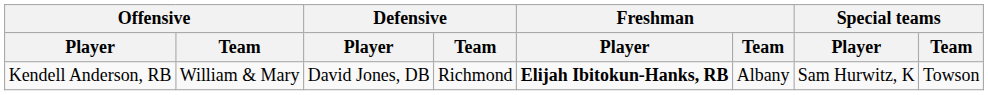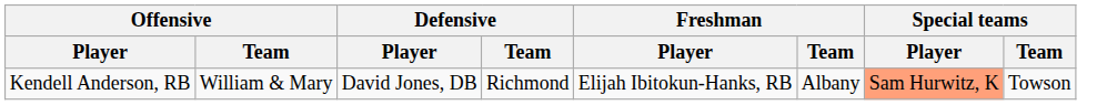 <table class="wikitable" border="1">
 <tr>
 <th colspan="2">Offensive</th>
 <th colspan="2">Defensive</th>
 <th colspan="2">Freshman</th>
 <th colspan="2">Special teams</th>
 </tr>
 <tr>
 <th>Player</th>
 <th>Team</th>
 <th>Player</th>
 <th>Team</th>
 <th>Player</th>
 <th>Team</th>
 <th>Player</th>
 <th>Team</th>
 </tr>
 <tr>
 <td>Kendell Anderson, RB</td>
 <td>William & Mary</td>
 <td>David Jones, DB</td>
 <td>Richmond</td>
-<td><strong>Elijah Ibitokun-Hanks, RB</strong></td>
+<td>Elijah Ibitokun-Hanks, RB</td>
 <td>Albany</td>
-<td>Sam Hurwitz, K</td>
+<td style="background: lightsalmon;">Sam Hurwitz, K</td>
 <td>Towson</td>
 </tr>
 </table>
